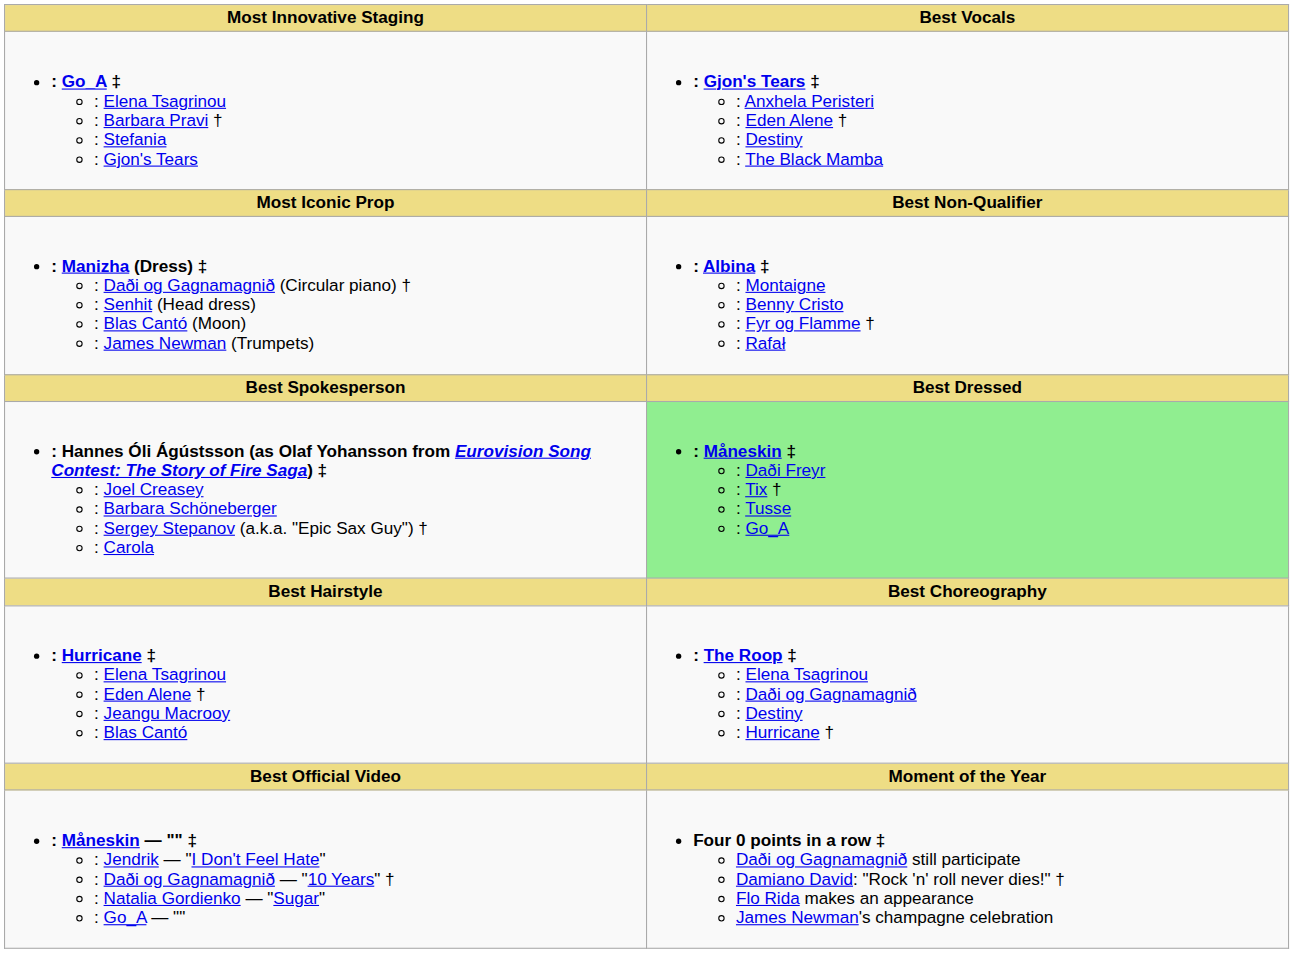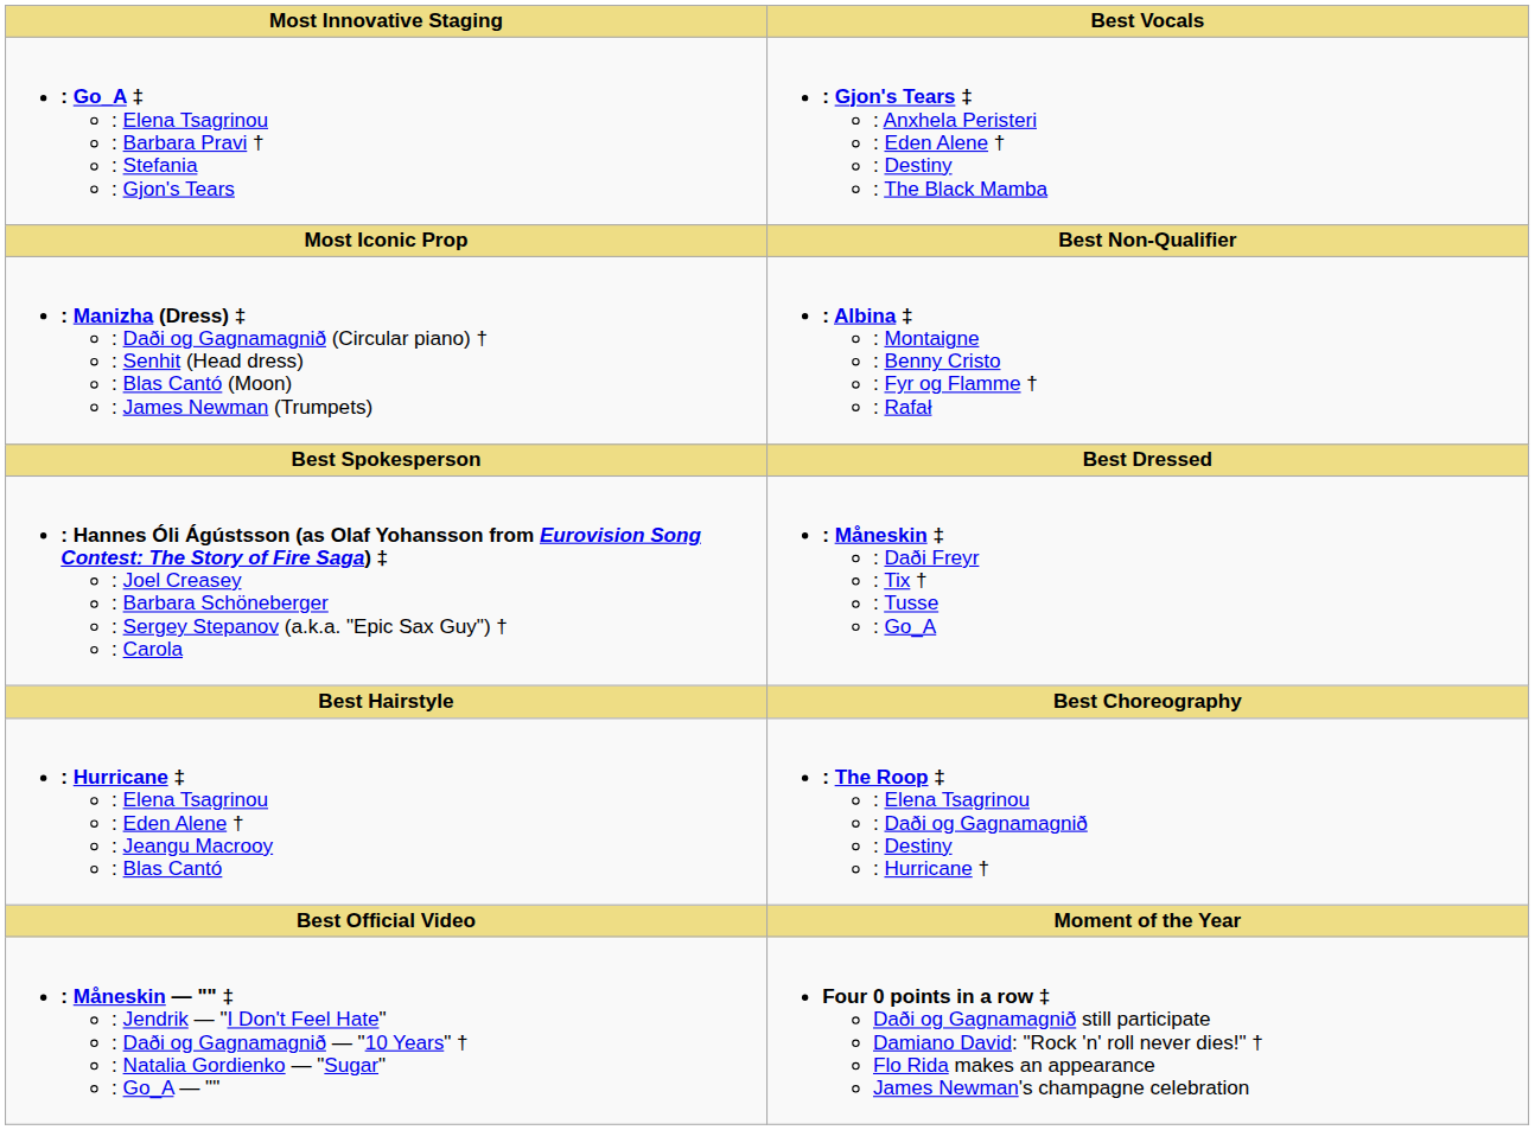 <table class="wikitable" style="width:95%">
 <tr>
 <th style="background:#EEDD85; width:50%">Most Innovative Staging</th>
 <th style="background:#EEDD85; width:50%">Best Vocals</th>
 </tr>
 <tr>
 <td valign="top"><br><ul><li><strong>: <a href='#'>Go_A</a> ‡</strong><ul><li>: <a href='#'>Elena Tsagrinou</a></li><li>: <a href='#'>Barbara Pravi</a> †</li><li>: <a href='#'>Stefania</a></li><li>: <a href='#'>Gjon's Tears</a></li></ul></li></ul></td>
 <td valign="top"><br><ul><li><strong>: <a href='#'>Gjon's Tears</a> ‡</strong><ul><li>: <a href='#'>Anxhela Peristeri</a></li><li>: <a href='#'>Eden Alene</a> †</li><li>: <a href='#'>Destiny</a></li><li>: <a href='#'>The Black Mamba</a></li></ul></li></ul></td>
 </tr>
 <tr>
 <th style="background:#EEDD85; width:50%">Most Iconic Prop</th>
 <th style="background:#EEDD85; width:50%">Best Non-Qualifier</th>
 </tr>
 <tr>
 <td valign="top"><br><ul><li><strong>: <a href='#'>Manizha</a> (Dress) ‡</strong><ul><li>: <a href='#'>Daði og Gagnamagnið</a> (Circular piano) †</li><li>: <a href='#'>Senhit</a> (Head dress)</li><li>: <a href='#'>Blas Cantó</a> (Moon)</li><li>: <a href='#'>James Newman</a> (Trumpets)</li></ul></li></ul></td>
 <td valign="top"><br><ul><li><strong>: <a href='#'>Albina</a> ‡</strong><ul><li>: <a href='#'>Montaigne</a></li><li>: <a href='#'>Benny Cristo</a></li><li>: <a href='#'>Fyr og Flamme</a> †</li><li>: <a href='#'>Rafał</a></li></ul></li></ul></td>
 </tr>
 <tr>
 <th style="background:#EEDD85; width:50%">Best Spokesperson</th>
 <th style="background:#EEDD85; width:50%">Best Dressed</th>
 </tr>
 <tr>
 <td valign="top"><br><ul><li><strong>: Hannes Óli Ágústsson (as Olaf Yohansson from <em><a href='#'>Eurovision Song Contest: The Story of Fire Saga</a></em>) ‡</strong><ul><li>: <a href='#'>Joel Creasey</a></li><li>: <a href='#'>Barbara Schöneberger</a></li><li>: <a href='#'>Sergey Stepanov</a> (a.k.a. "Epic Sax Guy") †</li><li>: <a href='#'>Carola</a></li></ul></li></ul></td>
-<td valign="top" style="background: lightgreen;"><br><ul><li><strong>: <a href='#'>Måneskin</a> ‡</strong><ul><li>: <a href='#'>Daði Freyr</a></li><li>: <a href='#'>Tix</a> †</li><li>: <a href='#'>Tusse</a></li><li>: <a href='#'>Go_A</a></li></ul></li></ul></td>
+<td valign="top"><br><ul><li><strong>: <a href='#'>Måneskin</a> ‡</strong><ul><li>: <a href='#'>Daði Freyr</a></li><li>: <a href='#'>Tix</a> †</li><li>: <a href='#'>Tusse</a></li><li>: <a href='#'>Go_A</a></li></ul></li></ul></td>
 </tr>
 <tr>
 <th style="background:#EEDD85; width:50%">Best Hairstyle</th>
 <th style="background:#EEDD85; width:50%">Best Choreography</th>
 </tr>
 <tr>
 <td valign="top"><br><ul><li><strong>: <a href='#'>Hurricane</a> ‡</strong><ul><li>: <a href='#'>Elena Tsagrinou</a></li><li>: <a href='#'>Eden Alene</a> †</li><li>: <a href='#'>Jeangu Macrooy</a></li><li>: <a href='#'>Blas Cantó</a></li></ul></li></ul></td>
 <td valign="top"><br><ul><li><strong>: <a href='#'>The Roop</a> ‡</strong><ul><li>: <a href='#'>Elena Tsagrinou</a></li><li>: <a href='#'>Daði og Gagnamagnið</a></li><li>: <a href='#'>Destiny</a></li><li>: <a href='#'>Hurricane</a> †</li></ul></li></ul></td>
 </tr>
 <tr>
 <th style="background:#EEDD85; width:50%">Best Official Video</th>
 <th style="background:#EEDD85; width:50%">Moment of the Year</th>
 </tr>
 <tr>
 <td valign="top"><br><ul><li><strong>: <a href='#'>Måneskin</a> — "" ‡</strong><ul><li>: <a href='#'>Jendrik</a> — "<a href='#'>I Don't Feel Hate</a>"</li><li>: <a href='#'>Daði og Gagnamagnið</a> — "<a href='#'>10 Years</a>" †</li><li>: <a href='#'>Natalia Gordienko</a> — "<a href='#'>Sugar</a>"</li><li>: <a href='#'>Go_A</a> — ""</li></ul></li></ul></td>
 <td valign="top"><br><ul><li> <strong>Four 0 points in a row ‡</strong><ul><li> <a href='#'>Daði og Gagnamagnið</a> still participate</li><li> <a href='#'>Damiano David</a>: "Rock 'n' roll never dies!" †</li><li> <a href='#'>Flo Rida</a> makes an appearance</li><li> <a href='#'>James Newman</a>'s champagne celebration</li></ul></li></ul></td>
 </tr>
 </table>
